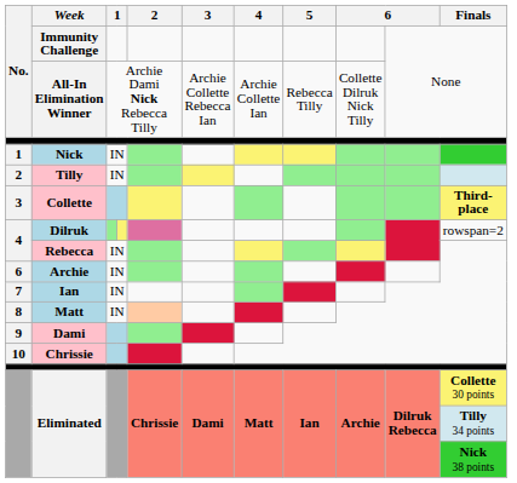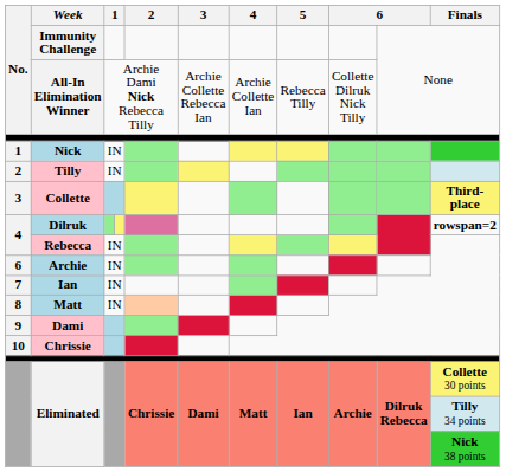 <table class="wikitable" style="text-align:center; width:120px; font-size:90%; line-height:15px">
 <tr>
 <th rowspan="3">No.</th>
 <th><em>Week</em></th>
 <th colspan=2>1</th>
 <th>2</th>
 <th>3</th>
 <th>4</th>
 <th>5</th>
 <th colspan=2>6</th>
 <th>Finals</th>
 </tr>
 <tr>
 <th>Immunity<br>Challenge</th>
 <td colspan=2><br></td>
 <td></td>
 <td></td>
 <td><br></td>
 <td></td>
 <td></td>
 <td colspan="2" rowspan="2">None</td>
 </tr>
 <tr>
 <th>All-In<br>Elimination<br>Winner</th>
 <td colspan=3>Archie<br>Dami<br><strong>Nick</strong><br>Rebecca<br>Tilly</td>
 <td>Archie<br>Collette<br>Rebecca<br>Ian</td>
 <td>Archie<br>Collette<br>Ian</td>
 <td>Rebecca<br>Tilly</td>
 <td>Collette<br>Dilruk<br>Nick<br>Tilly</td>
 </tr>
 <tr>
 <td style="background:black" colspan="11"></td>
 </tr>
 <tr>
 <th>1</th>
 <th style="background:#ADD8E6">Nick</th>
 <td colspan="2">IN</td>
 <td style="background:lightgreen"></td>
 <td></td>
 <td style="background:#fbf373"></td>
 <td style="background:#fbf373"></td>
 <td style="background:lightgreen"></td>
 <td style="background:lightgreen"></td>
 <td style="background:limegreen"></td>
 </tr>
 <tr>
 <th>2</th>
 <th style="background:#FFC0CB">Tilly</th>
 <td colspan="2">IN</td>
 <td style="background:lightgreen"></td>
 <td style="background:#fbf373"></td>
 <td></td>
 <td style="background:lightgreen"></td>
 <td style="background:lightgreen"></td>
 <td style="background:lightgreen"></td>
 <td style="background:#d1e8ef"></td>
 </tr>
 <tr>
 <th>3</th>
 <th style="background:#FFC0CB">Collette</th>
 <td colspan="2" style="background:lightblue"></td>
 <td style="background:#fbf373"></td>
 <td></td>
 <td style="background:lightgreen"></td>
 <td></td>
 <td style="background:lightgreen"></td>
 <td style="background:lightgreen"></td>
 <td style="background:#fbf373"><strong>Third-place</strong></td>
 </tr>
 <tr>
 <th rowspan=2>4</th>
 <th style="background:#ADD8E6">Dilruk</th>
 <td style="background:lightgreen"></td>
 <td style="background:#fbf373"></td>
 <td style="background:#de6fa1"></td>
 <td></td>
 <td></td>
 <td></td>
 <td style="background:lightgreen"></td>
 <td rowspan=2 style="background:crimson"></td>
-<td>rowspan=2 </td>
+<td><strong>rowspan=2 </strong></td>
 </tr>
 <tr>
 <th style="background:#FFC0CB">Rebecca</th>
 <td colspan="2">IN</td>
 <td style="background:lightgreen"></td>
 <td></td>
 <td style="background:#fbf373"></td>
 <td style="background:lightgreen"></td>
 <td style="background:#fbf373"></td>
 </tr>
 <tr>
 <th>6</th>
 <th style="background:#ADD8E6">Archie</th>
 <td colspan="2">IN</td>
 <td style="background:lightgreen"></td>
 <td></td>
 <td style="background:lightgreen"></td>
 <td></td>
 <td style="background:crimson"></td>
 <td></td>
 </tr>
 <tr>
 <th>7</th>
 <th style="background:#ADD8E6">Ian</th>
 <td colspan="2">IN</td>
 <td></td>
 <td></td>
 <td style="background:lightgreen"></td>
 <td style="background:crimson"></td>
 <td></td>
 </tr>
 <tr>
 <th>8</th>
 <th style="background:#ADD8E6">Matt</th>
 <td colspan="2">IN</td>
 <td style="background:#FFCBA4"></td>
 <td></td>
 <td style="background:crimson"></td>
 <td></td>
 </tr>
 <tr>
 <th>9</th>
 <th style="background:#FFC0CB">Dami</th>
 <td colspan="2" style="background:lightblue"></td>
 <td style="background:lightgreen"></td>
 <td style="background:crimson"></td>
 <td></td>
 </tr>
 <tr>
 <th>10</th>
 <th style="background:#FFC0CB">Chrissie</th>
 <td colspan="2" style="background:lightblue"></td>
 <td style="background:crimson"></td>
 <td></td>
 </tr>
 <tr>
 <td style="background:black" colspan="11"></td>
 </tr>
 <tr>
 <td rowspan="4" style="background:darkgray"></td>
 <th rowspan="4">Eliminated</th>
 <td colspan="2"; rowspan="4" style="background:darkgray"></td>
 <td rowspan="4" style="background:salmon"><strong>Chrissie</strong></td>
 <td rowspan="4" style="background:salmon"><strong>Dami</strong></td>
 <td rowspan="4" style="background:salmon"><strong>Matt</strong></td>
 <td rowspan="4" style="background:salmon"><strong>Ian</strong></td>
 <td rowspan="4" style="background:salmon"><strong>Archie</strong></td>
 <td rowspan="4" style="background:salmon"><strong>Dilruk</strong><br><strong>Rebecca</strong></td>
 <td style="background:#fbf373"><strong>Collette</strong><br><small>30 points</small></td>
 </tr>
 <tr>
 <td style="background:#d1e8ef"><strong>Tilly</strong><br><small>34 points</small></td>
 </tr>
 <tr>
 <td style="background:limegreen"><strong>Nick</strong><br><small>38 points</small></td>
 </tr>
 </table>
